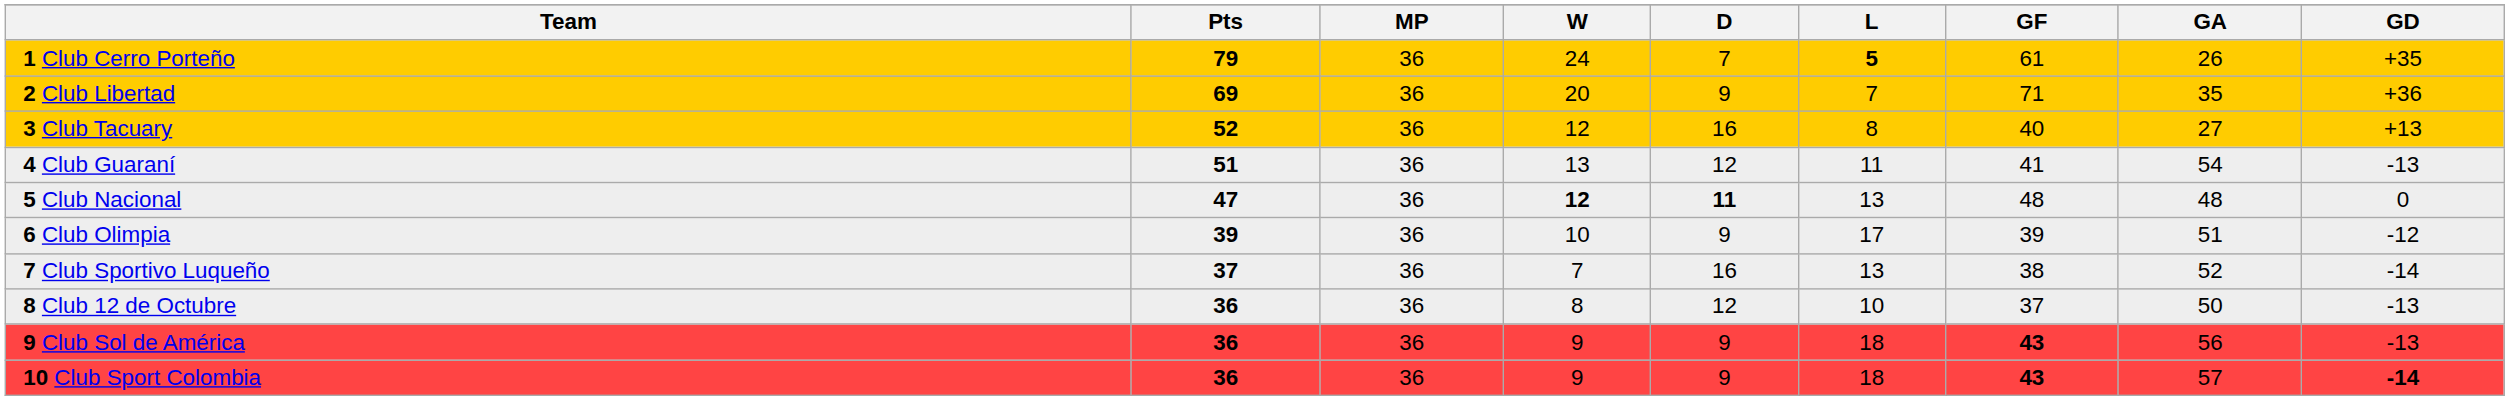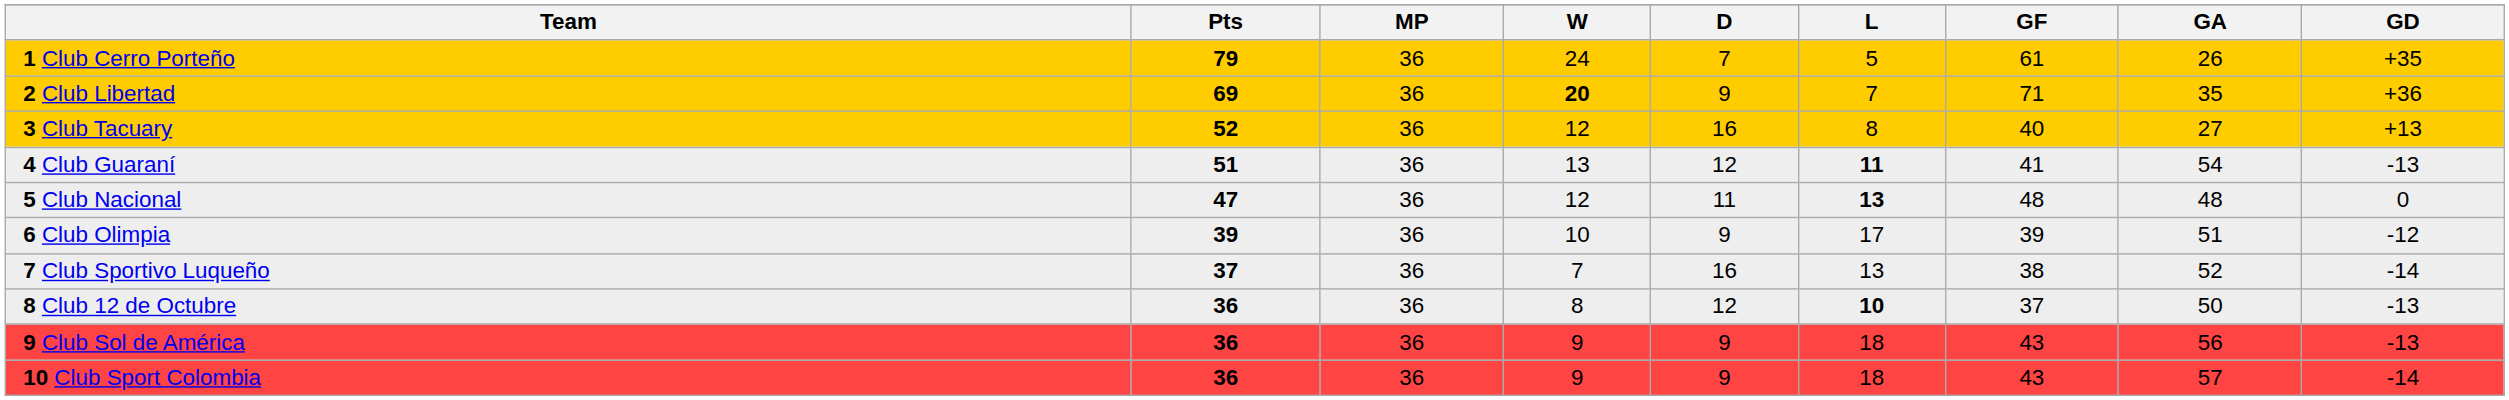 <table class="wikitable" width=90% style="margin:1em auto;">
 <tr style="background:#dddddd;">
 </tr>
 <tr style="background:#dddddd;">
 <th>Team</th>
 <th>Pts</th>
 <th>MP</th>
 <th>W</th>
 <th>D</th>
 <th>L</th>
 <th>GF</th>
 <th>GA</th>
 <th>GD</th>
 </tr>
 <tr align=center style="background:#ffcc00;">
 <td align=left>  <strong>1</strong> <a href='#'>Club Cerro Porteño</a></td>
 <td><strong>79</strong></td>
 <td>36</td>
 <td>24</td>
 <td>7</td>
-<td><strong>5</strong></td>
+<td>5</td>
 <td>61</td>
 <td>26</td>
 <td>+35</td>
 </tr>
 <tr align=center style="background:#ffcc00;">
 <td align=left>  <strong>2</strong> <a href='#'>Club Libertad</a></td>
 <td><strong>69</strong></td>
 <td>36</td>
-<td>20</td>
+<td><strong>20</strong></td>
 <td>9</td>
 <td>7</td>
 <td>71</td>
 <td>35</td>
 <td>+36</td>
 </tr>
 <tr align=center style="background:#ffcc00;">
 <td align=left>  <strong>3</strong> <a href='#'>Club Tacuary</a></td>
 <td><strong>52</strong></td>
 <td>36</td>
 <td>12</td>
 <td>16</td>
 <td>8</td>
 <td>40</td>
 <td>27</td>
 <td>+13</td>
 </tr>
 <tr align=center style="background:#eeeeee;">
 <td align=left>  <strong>4</strong> <a href='#'>Club Guaraní</a></td>
 <td><strong>51</strong></td>
 <td>36</td>
 <td>13</td>
 <td>12</td>
-<td>11</td>
+<td><strong>11</strong></td>
 <td>41</td>
 <td>54</td>
 <td>-13</td>
 </tr>
 <tr align=center style="background:#eeeeee;">
 <td align=left>  <strong>5</strong> <a href='#'>Club Nacional</a></td>
 <td><strong>47</strong></td>
 <td>36</td>
-<td><strong>12</strong></td>
-<td><strong>11</strong></td>
-<td>13</td>
+<td>12</td>
+<td>11</td>
+<td><strong>13</strong></td>
 <td>48</td>
 <td>48</td>
 <td>0</td>
 </tr>
 <tr align=center style="background:#eeeeee;">
 <td align=left>  <strong>6</strong> <a href='#'>Club Olimpia</a></td>
 <td><strong>39</strong></td>
 <td>36</td>
 <td>10</td>
 <td>9</td>
 <td>17</td>
 <td>39</td>
 <td>51</td>
 <td>-12</td>
 </tr>
 <tr align=center style="background:#eeeeee;">
 <td align=left>  <strong>7</strong> <a href='#'>Club Sportivo Luqueño</a></td>
 <td><strong>37</strong></td>
 <td>36</td>
 <td>7</td>
 <td>16</td>
 <td>13</td>
 <td>38</td>
 <td>52</td>
 <td>-14</td>
 </tr>
 <tr align=center style="background:#eeeeee;">
 <td align=left>  <strong>8</strong> <a href='#'>Club 12 de Octubre</a></td>
 <td><strong>36</strong></td>
 <td>36</td>
 <td>8</td>
 <td>12</td>
-<td>10</td>
+<td><strong>10</strong></td>
 <td>37</td>
 <td>50</td>
 <td>-13</td>
 </tr>
 <tr align=center style="background:#ff4444;">
 <td align=left>  <strong>9</strong> <a href='#'>Club Sol de América</a></td>
 <td><strong>36</strong></td>
 <td>36</td>
 <td>9</td>
 <td>9</td>
 <td>18</td>
-<td><strong>43</strong></td>
+<td>43</td>
 <td>56</td>
 <td>-13</td>
 </tr>
 <tr align=center style="background:#ff4444;">
 <td align=left>  <strong>10</strong> <a href='#'>Club Sport Colombia</a></td>
 <td><strong>36</strong></td>
 <td>36</td>
 <td>9</td>
 <td>9</td>
 <td>18</td>
-<td><strong>43</strong></td>
+<td>43</td>
 <td>57</td>
-<td><strong>-14</strong></td>
+<td>-14</td>
 </tr>
 </table>
